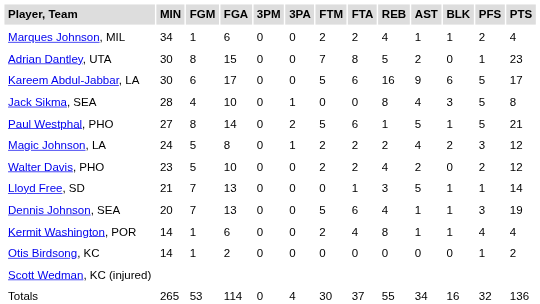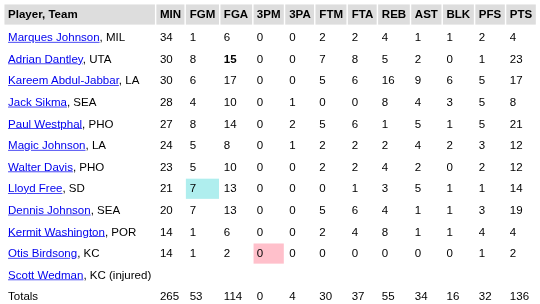 <table cellpadding=5>
 <tr bgcolor="#dddddd">
 <td><strong>Player, Team</strong></td>
 <td><strong>MIN</strong></td>
 <td><strong>FGM</strong></td>
 <td><strong>FGA</strong></td>
 <td><strong>3PM</strong></td>
 <td><strong>3PA</strong></td>
 <td><strong>FTM</strong></td>
 <td><strong>FTA</strong></td>
 <td><strong>REB</strong></td>
 <td><strong>AST</strong></td>
 <td><strong>BLK</strong></td>
 <td><strong>PFS</strong></td>
 <td><strong>PTS</strong></td>
 </tr>
 <tr bgcolor="#eeeeee">
 </tr>
 <tr>
 <td><a href='#'>Marques Johnson</a>, MIL</td>
 <td>34</td>
 <td>1</td>
 <td>6</td>
 <td>0</td>
 <td>0</td>
 <td>2</td>
 <td>2</td>
 <td>4</td>
 <td>1</td>
 <td>1</td>
 <td>2</td>
 <td>4</td>
 </tr>
 <tr>
 <td><a href='#'>Adrian Dantley</a>, UTA</td>
 <td>30</td>
 <td>8</td>
-<td>15</td>
+<td><strong>15</strong></td>
 <td>0</td>
 <td>0</td>
 <td>7</td>
 <td>8</td>
 <td>5</td>
 <td>2</td>
 <td>0</td>
 <td>1</td>
 <td>23</td>
 </tr>
 <tr>
 <td><a href='#'>Kareem Abdul-Jabbar</a>, LA</td>
 <td>30</td>
 <td>6</td>
 <td>17</td>
 <td>0</td>
 <td>0</td>
 <td>5</td>
 <td>6</td>
 <td>16</td>
 <td>9</td>
 <td>6</td>
 <td>5</td>
 <td>17</td>
 </tr>
 <tr>
 <td><a href='#'>Jack Sikma</a>, SEA</td>
 <td>28</td>
 <td>4</td>
 <td>10</td>
 <td>0</td>
 <td>1</td>
 <td>0</td>
 <td>0</td>
 <td>8</td>
 <td>4</td>
 <td>3</td>
 <td>5</td>
 <td>8</td>
 </tr>
 <tr>
 <td><a href='#'>Paul Westphal</a>, PHO</td>
 <td>27</td>
 <td>8</td>
 <td>14</td>
 <td>0</td>
 <td>2</td>
 <td>5</td>
 <td>6</td>
 <td>1</td>
 <td>5</td>
 <td>1</td>
 <td>5</td>
 <td>21</td>
 </tr>
 <tr>
 <td><a href='#'>Magic Johnson</a>, LA</td>
 <td>24</td>
 <td>5</td>
 <td>8</td>
 <td>0</td>
 <td>1</td>
 <td>2</td>
 <td>2</td>
 <td>2</td>
 <td>4</td>
 <td>2</td>
 <td>3</td>
 <td>12</td>
 </tr>
 <tr>
 <td><a href='#'>Walter Davis</a>, PHO</td>
 <td>23</td>
 <td>5</td>
 <td>10</td>
 <td>0</td>
 <td>0</td>
 <td>2</td>
 <td>2</td>
 <td>4</td>
 <td>2</td>
 <td>0</td>
 <td>2</td>
 <td>12</td>
 </tr>
 <tr>
 <td><a href='#'>Lloyd Free</a>, SD</td>
 <td>21</td>
-<td>7</td>
+<td style="background: paleturquoise;">7</td>
 <td>13</td>
 <td>0</td>
 <td>0</td>
 <td>0</td>
 <td>1</td>
 <td>3</td>
 <td>5</td>
 <td>1</td>
 <td>1</td>
 <td>14</td>
 </tr>
 <tr>
 <td><a href='#'>Dennis Johnson</a>, SEA</td>
 <td>20</td>
 <td>7</td>
 <td>13</td>
 <td>0</td>
 <td>0</td>
 <td>5</td>
 <td>6</td>
 <td>4</td>
 <td>1</td>
 <td>1</td>
 <td>3</td>
 <td>19</td>
 </tr>
 <tr>
 <td><a href='#'>Kermit Washington</a>, POR</td>
 <td>14</td>
 <td>1</td>
 <td>6</td>
 <td>0</td>
 <td>0</td>
 <td>2</td>
 <td>4</td>
 <td>8</td>
 <td>1</td>
 <td>1</td>
 <td>4</td>
 <td>4</td>
 </tr>
 <tr>
 <td><a href='#'>Otis Birdsong</a>, KC</td>
 <td>14</td>
 <td>1</td>
 <td>2</td>
-<td>0</td>
+<td style="background: pink;">0</td>
 <td>0</td>
 <td>0</td>
 <td>0</td>
 <td>0</td>
 <td>0</td>
 <td>0</td>
 <td>1</td>
 <td>2</td>
 </tr>
 <tr>
 <td><a href='#'>Scott Wedman</a>, KC (injured)</td>
 <td></td>
 <td></td>
 <td></td>
 <td></td>
 <td></td>
 <td></td>
 <td></td>
 <td></td>
 <td></td>
 <td></td>
 <td></td>
 <td></td>
 </tr>
 <tr>
 <td>Totals</td>
 <td>265</td>
 <td>53</td>
 <td>114</td>
 <td>0</td>
 <td>4</td>
 <td>30</td>
 <td>37</td>
 <td>55</td>
 <td>34</td>
 <td>16</td>
 <td>32</td>
 <td>136</td>
 </tr>
 <tr>
 </tr>
 </table>
